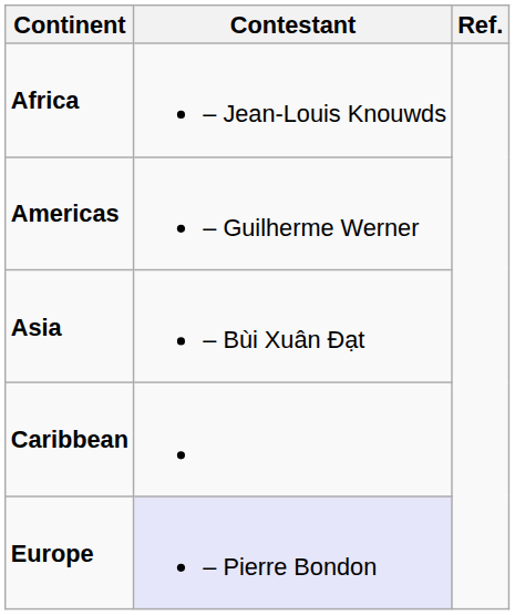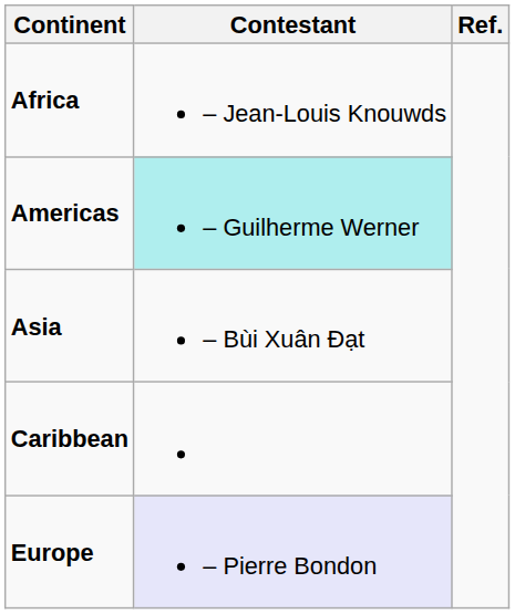 <table class="wikitable sortable" style="font-size:95%;">
 <tr>
 <th>Continent</th>
 <th>Contestant</th>
 <th>Ref.</th>
 </tr>
 <tr>
 <td><strong>Africa</strong></td>
 <td><br><ul><li><strong></strong> – Jean-Louis Knouwds</li></ul></td>
 <td rowspan="5"></td>
 </tr>
 <tr>
 <td><strong>Americas</strong></td>
-<td><br><ul><li><strong></strong> – Guilherme Werner</li></ul></td>
+<td style="background: paleturquoise;"><br><ul><li><strong></strong> – Guilherme Werner</li></ul></td>
 </tr>
 <tr>
 <td><strong>Asia</strong></td>
 <td><br><ul><li><strong></strong> – Bùi Xuân Đạt</li></ul></td>
 </tr>
 <tr>
 <td><strong>Caribbean</strong></td>
 <td><br><ul><li></li></ul></td>
 </tr>
 <tr>
 <td><strong>Europe</strong></td>
 <td style="background: lavender;"><br><ul><li><strong></strong> –  Pierre Bondon</li></ul></td>
 </tr>
 </table>
